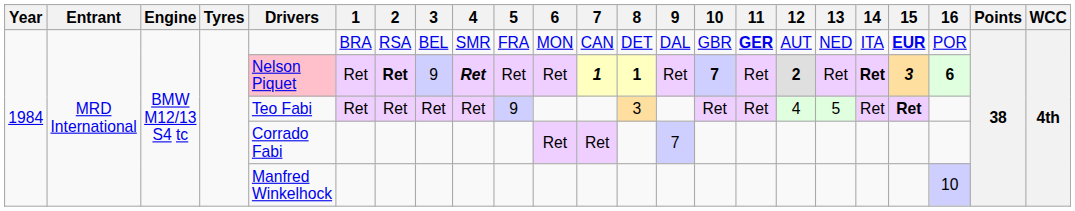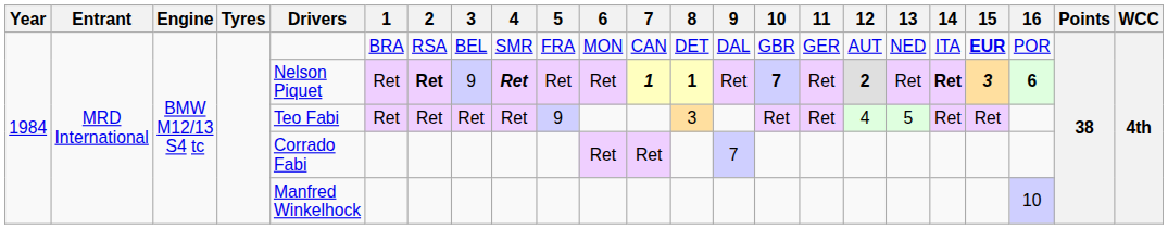 <table class="wikitable" style="text-align:center; font-size:90%">
 <tr>
 <th>Year</th>
 <th>Entrant</th>
 <th>Engine</th>
 <th>Tyres</th>
 <th>Drivers</th>
 <th>1</th>
 <th>2</th>
 <th>3</th>
 <th>4</th>
 <th>5</th>
 <th>6</th>
 <th>7</th>
 <th>8</th>
 <th>9</th>
 <th>10</th>
 <th>11</th>
 <th>12</th>
 <th>13</th>
 <th>14</th>
 <th>15</th>
 <th>16</th>
 <th>Points</th>
 <th>WCC</th>
 </tr>
 <tr>
 <td rowspan="5"><a href='#'>1984</a></td>
 <td rowspan="5"><a href='#'>MRD International</a></td>
 <td rowspan="5"><a href='#'>BMW M12/13</a><br><a href='#'>S4</a> <a href='#'>tc</a></td>
 <td rowspan="5"></td>
 <td></td>
 <td><a href='#'>BRA</a></td>
 <td><a href='#'>RSA</a></td>
 <td><a href='#'>BEL</a></td>
 <td><a href='#'>SMR</a></td>
 <td><a href='#'>FRA</a></td>
 <td><a href='#'>MON</a></td>
 <td><a href='#'>CAN</a></td>
 <td><a href='#'>DET</a></td>
 <td><a href='#'>DAL</a></td>
 <td><a href='#'>GBR</a></td>
-<td><strong><a href='#'>GER</a></strong></td>
+<td><a href='#'>GER</a></td>
 <td><a href='#'>AUT</a></td>
 <td><a href='#'>NED</a></td>
 <td><a href='#'>ITA</a></td>
 <td><strong><a href='#'>EUR</a></strong></td>
 <td><a href='#'>POR</a></td>
 <th rowspan="5">38</th>
 <th rowspan="5">4th</th>
 </tr>
 <tr>
-<td align="left" style="background: pink;"><a href='#'>Nelson Piquet</a></td>
+<td align="left"><a href='#'>Nelson Piquet</a></td>
 <td style="background:#EFCFFF;">Ret</td>
 <td style="background:#EFCFFF;"><strong>Ret</strong></td>
 <td style="background:#CFCFFF;">9</td>
 <td style="background:#EFCFFF;"><strong><em>Ret</em></strong></td>
 <td style="background:#EFCFFF;">Ret</td>
 <td style="background:#EFCFFF;">Ret</td>
 <td style="background:#FFFFBF;"><strong><em>1</em></strong></td>
 <td style="background:#FFFFBF;"><strong>1</strong></td>
 <td style="background:#EFCFFF;">Ret</td>
 <td style="background:#CFCFFF;"><strong>7</strong></td>
 <td style="background:#EFCFFF;">Ret</td>
 <td style="background:#DFDFDF;"><strong>2</strong></td>
 <td style="background:#EFCFFF;">Ret</td>
 <td style="background:#EFCFFF;"><strong>Ret</strong></td>
 <td style="background:#FFDF9F;"><strong><em>3</em></strong></td>
 <td style="background:#DFFFDF;"><strong>6</strong></td>
 </tr>
 <tr>
 <td align="left"><a href='#'>Teo Fabi</a></td>
 <td style="background:#EFCFFF;">Ret</td>
 <td style="background:#EFCFFF;">Ret</td>
 <td style="background:#EFCFFF;">Ret</td>
 <td style="background:#EFCFFF;">Ret</td>
 <td style="background:#CFCFFF;">9</td>
 <td></td>
 <td></td>
 <td style="background:#FFDF9F;">3</td>
 <td></td>
 <td style="background:#EFCFFF;">Ret</td>
 <td style="background:#EFCFFF;">Ret</td>
 <td style="background:#DFFFDF;">4</td>
 <td style="background:#DFFFDF;">5</td>
 <td style="background:#EFCFFF;">Ret</td>
-<td style="background:#EFCFFF;"><strong>Ret</strong></td>
+<td style="background:#EFCFFF;">Ret</td>
 <td></td>
 </tr>
 <tr>
 <td align="left"><a href='#'>Corrado Fabi</a></td>
 <td></td>
 <td></td>
 <td></td>
 <td></td>
 <td></td>
 <td style="background:#EFCFFF;">Ret</td>
 <td style="background:#EFCFFF;">Ret</td>
 <td></td>
 <td style="background:#CFCFFF;">7</td>
 <td></td>
 <td></td>
 <td></td>
 <td></td>
 <td></td>
 <td></td>
 <td></td>
 </tr>
 <tr>
 <td align="left"><a href='#'>Manfred Winkelhock</a></td>
 <td></td>
 <td></td>
 <td></td>
 <td></td>
 <td></td>
 <td></td>
 <td></td>
 <td></td>
 <td></td>
 <td></td>
 <td></td>
 <td></td>
 <td></td>
 <td></td>
 <td></td>
 <td style="background:#CFCFFF;">10</td>
 </tr>
 </table>
